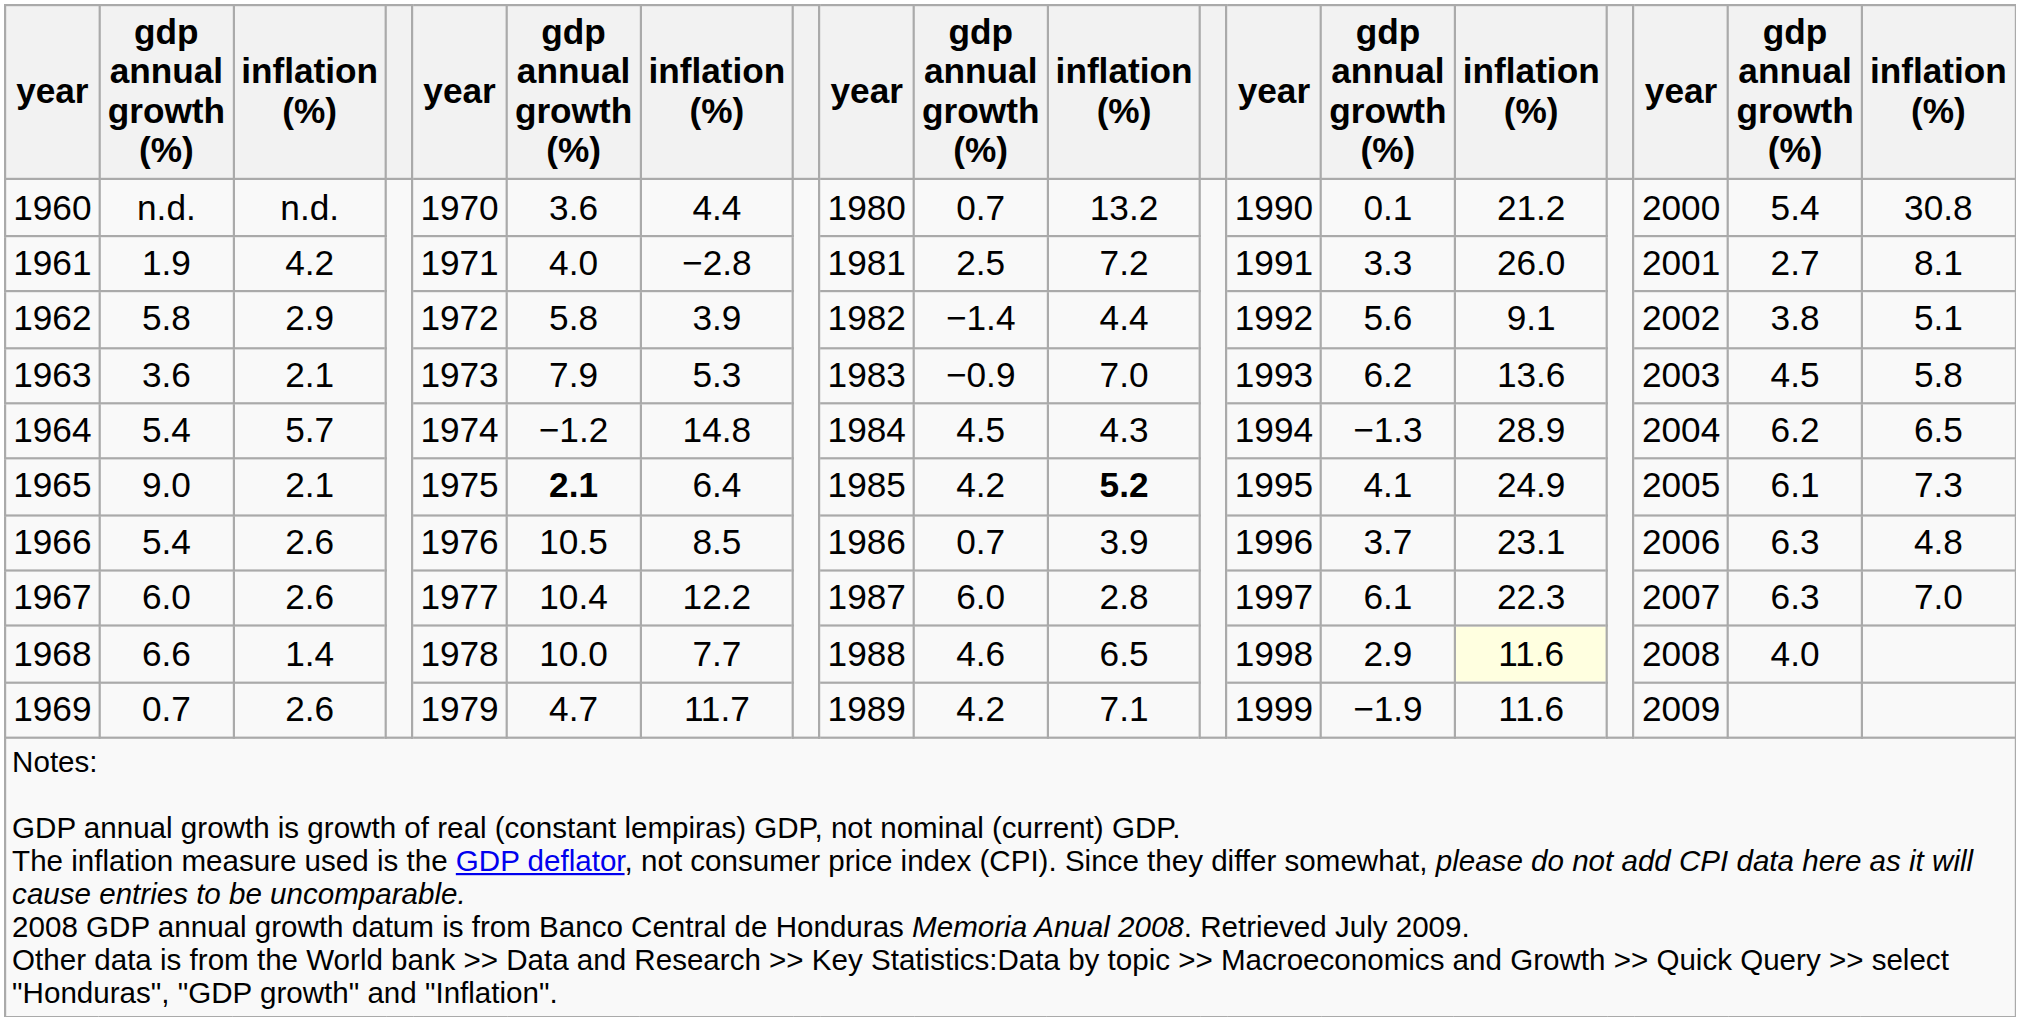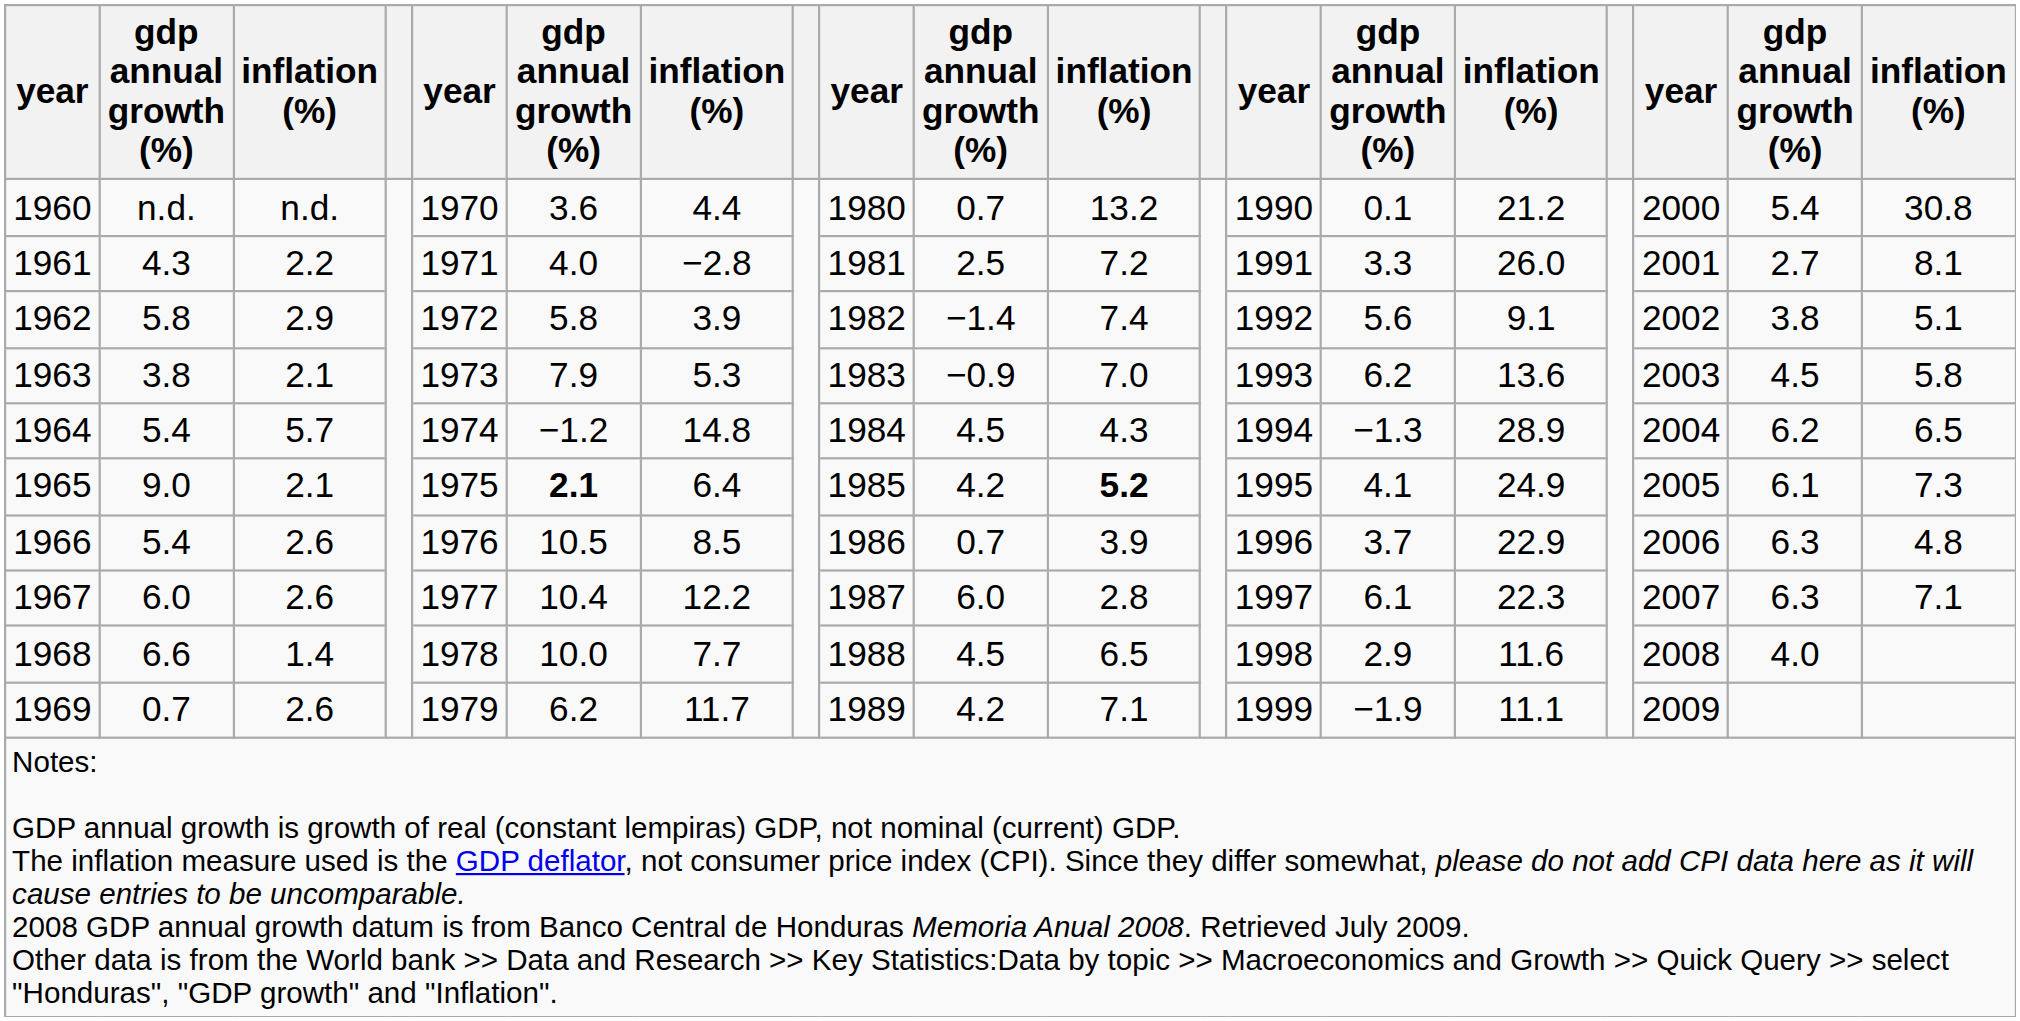 <table class="wikitable" style="text-align:center">
 <tr>
 <th>year</th>
 <th>gdp annual growth (%)</th>
 <th>inflation (%)</th>
 <th> </th>
 <th>year</th>
 <th>gdp annual growth (%)</th>
 <th>inflation (%)</th>
 <th> </th>
 <th>year</th>
 <th>gdp annual growth (%)</th>
 <th>inflation (%)</th>
 <th> </th>
 <th>year</th>
 <th>gdp annual growth (%)</th>
 <th>inflation (%)</th>
 <th> </th>
 <th>year</th>
 <th>gdp annual growth (%)</th>
 <th>inflation (%)</th>
 </tr>
 <tr>
 <td>1960</td>
 <td>n.d.</td>
 <td>n.d.</td>
 <td rowspan=10> </td>
 <td>1970</td>
 <td>3.6</td>
 <td>4.4</td>
 <td rowspan=10> </td>
 <td>1980</td>
 <td>0.7</td>
 <td>13.2</td>
 <td rowspan=10> </td>
 <td>1990</td>
 <td>0.1</td>
 <td>21.2</td>
 <td rowspan=10> </td>
 <td>2000</td>
 <td>5.4</td>
 <td>30.8</td>
 </tr>
 <tr>
 <td>1961</td>
-<td>1.9</td>
-<td>4.2</td>
+<td>4.3</td>
+<td>2.2</td>
 <td>1971</td>
 <td>4.0</td>
 <td>−2.8</td>
 <td>1981</td>
 <td>2.5</td>
 <td>7.2</td>
 <td>1991</td>
 <td>3.3</td>
 <td>26.0</td>
 <td>2001</td>
 <td>2.7</td>
 <td>8.1</td>
 </tr>
 <tr>
 <td>1962</td>
 <td>5.8</td>
 <td>2.9</td>
 <td>1972</td>
 <td>5.8</td>
 <td>3.9</td>
 <td>1982</td>
 <td>−1.4</td>
-<td>4.4</td>
+<td>7.4</td>
 <td>1992</td>
 <td>5.6</td>
 <td>9.1</td>
 <td>2002</td>
 <td>3.8</td>
 <td>5.1</td>
 </tr>
 <tr>
 <td>1963</td>
-<td>3.6</td>
+<td>3.8</td>
 <td>2.1</td>
 <td>1973</td>
 <td>7.9</td>
 <td>5.3</td>
 <td>1983</td>
 <td>−0.9</td>
 <td>7.0</td>
 <td>1993</td>
 <td>6.2</td>
 <td>13.6</td>
 <td>2003</td>
 <td>4.5</td>
 <td>5.8</td>
 </tr>
 <tr>
 <td>1964</td>
 <td>5.4</td>
 <td>5.7</td>
 <td>1974</td>
 <td>−1.2</td>
 <td>14.8</td>
 <td>1984</td>
 <td>4.5</td>
 <td>4.3</td>
 <td>1994</td>
 <td>−1.3</td>
 <td>28.9</td>
 <td>2004</td>
 <td>6.2</td>
 <td>6.5</td>
 </tr>
 <tr>
 <td>1965</td>
 <td>9.0</td>
 <td>2.1</td>
 <td>1975</td>
 <td><strong>2.1</strong></td>
 <td>6.4</td>
 <td>1985</td>
 <td>4.2</td>
 <td><strong>5.2</strong></td>
 <td>1995</td>
 <td>4.1</td>
 <td>24.9</td>
 <td>2005</td>
 <td>6.1</td>
 <td>7.3</td>
 </tr>
 <tr>
 <td>1966</td>
 <td>5.4</td>
 <td>2.6</td>
 <td>1976</td>
 <td>10.5</td>
 <td>8.5</td>
 <td>1986</td>
 <td>0.7</td>
 <td>3.9</td>
 <td>1996</td>
 <td>3.7</td>
-<td>23.1</td>
+<td>22.9</td>
 <td>2006</td>
 <td>6.3</td>
 <td>4.8</td>
 </tr>
 <tr>
 <td>1967</td>
 <td>6.0</td>
 <td>2.6</td>
 <td>1977</td>
 <td>10.4</td>
 <td>12.2</td>
 <td>1987</td>
 <td>6.0</td>
 <td>2.8</td>
 <td>1997</td>
 <td>6.1</td>
 <td>22.3</td>
 <td>2007</td>
 <td>6.3</td>
-<td>7.0</td>
+<td>7.1</td>
 </tr>
 <tr>
 <td>1968</td>
 <td>6.6</td>
 <td>1.4</td>
 <td>1978</td>
 <td>10.0</td>
 <td>7.7</td>
 <td>1988</td>
-<td>4.6</td>
+<td>4.5</td>
 <td>6.5</td>
 <td>1998</td>
 <td>2.9</td>
-<td style="background: lightyellow;">11.6</td>
+<td>11.6</td>
 <td>2008</td>
 <td>4.0</td>
 <td></td>
 </tr>
 <tr>
 <td>1969</td>
 <td>0.7</td>
 <td>2.6</td>
 <td>1979</td>
-<td>4.7</td>
+<td>6.2</td>
 <td>11.7</td>
 <td>1989</td>
 <td>4.2</td>
 <td>7.1</td>
 <td>1999</td>
 <td>−1.9</td>
-<td>11.6</td>
+<td>11.1</td>
 <td>2009</td>
 <td> </td>
 <td> </td>
 </tr>
 <tr>
 <td colspan=19 style="font-size:84%; text-align:left">Notes:<br><br>GDP annual growth is growth of real (constant lempiras) GDP, not nominal (current) GDP.<br> The inflation measure used is the <a href='#'>GDP deflator</a>, not consumer price index (CPI). Since they differ somewhat, <em>please do not add CPI data here as it will cause entries to be uncomparable.</em><br> 2008 GDP annual growth datum is from Banco Central de Honduras <em>Memoria Anual 2008</em>. Retrieved July 2009.<br> Other data is from the World bank >> Data and Research >> Key Statistics:Data by topic >> Macroeconomics and Growth >> Quick Query >> select "Honduras", "GDP growth" and "Inflation".</td>
 </tr>
 </table>
